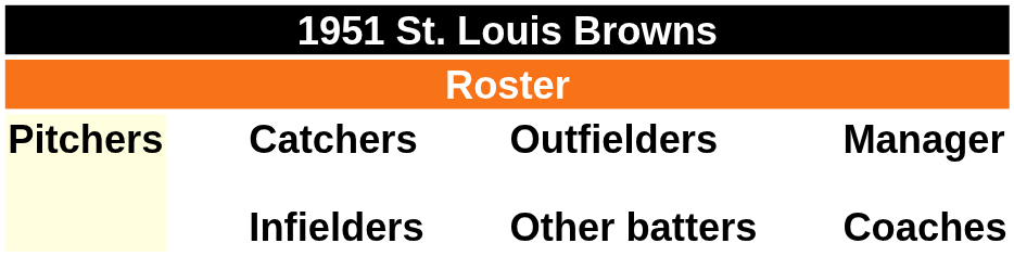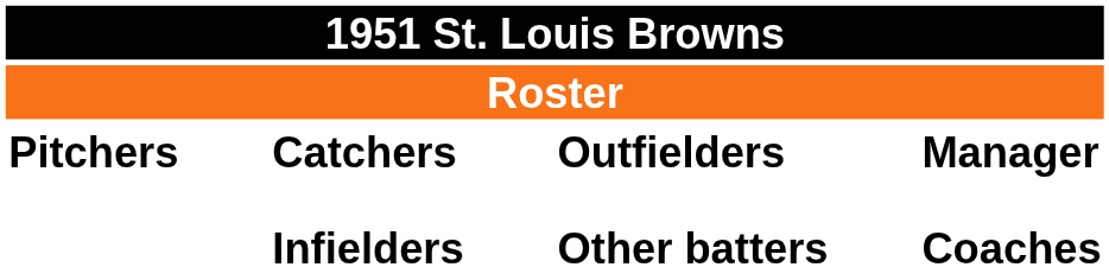 <table class="toccolours" style="font-size: 95%;">
 <tr>
 <th colspan="10" style="background-color: black; color: white; text-align: center;">1951 St. Louis Browns</th>
 </tr>
 <tr>
 <td colspan="10" style="background-color: #F87217; color: white; text-align: center;"><strong>Roster</strong></td>
 </tr>
 <tr>
-<td valign="top" style="background: lightyellow;"><strong>Pitchers</strong><br>                    </td>
+<td valign="top"><strong>Pitchers</strong><br>                    </td>
 <td width="25px"></td>
 <td valign="top"><strong>Catchers</strong><br>   <br><strong>Infielders</strong>              </td>
 <td width="25px"></td>
 <td valign="top"><strong>Outfielders</strong><br>          <br><strong>Other batters</strong> </td>
 <td width="25px"></td>
 <td valign="top"><strong>Manager</strong><br><br><strong>Coaches</strong>    </td>
 </tr>
 <tr>
 </tr>
 </table>
